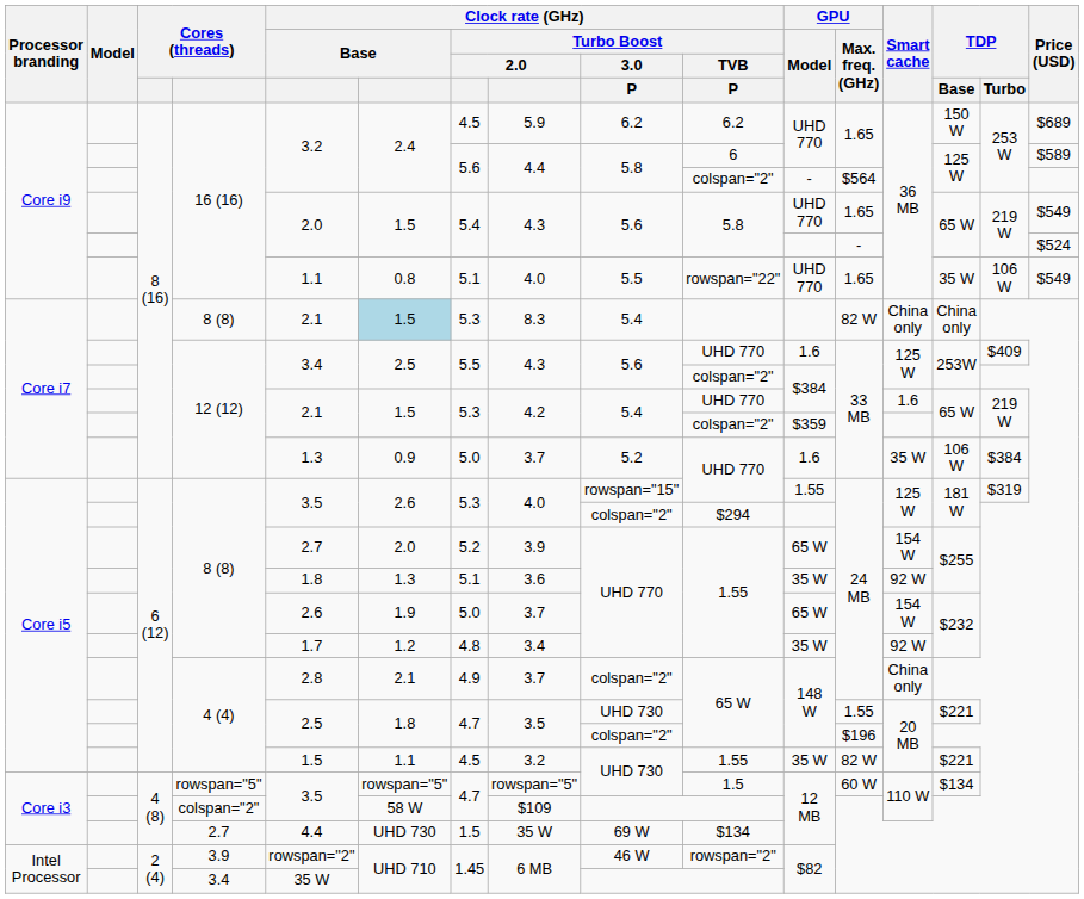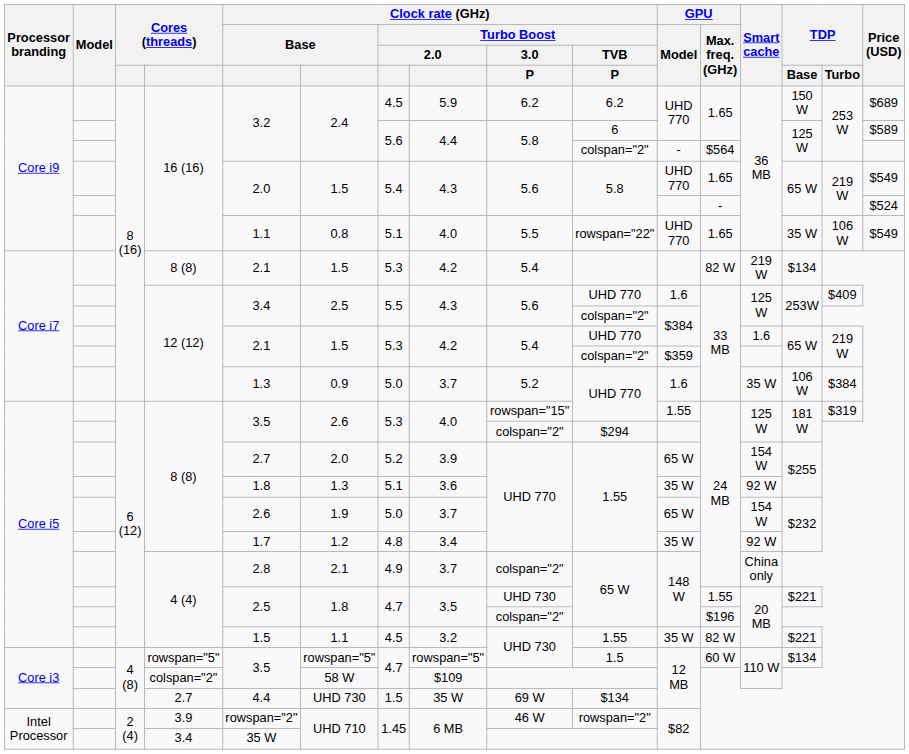 <table class="wikitable sortable sort-under" style="text-align:center;">
 <tr>
 <th rowspan="4">Processor<br>branding</th>
 <th rowspan="4">Model</th>
 <th colspan="2" rowspan="3"><a href='#'>Cores</a><br>(<a href='#'>threads</a>)</th>
 <th colspan="6"><a href='#'>Clock rate</a> (GHz)</th>
 <th colspan="2"><a href='#'>GPU</a></th>
 <th rowspan="4"><a href='#'>Smart<br>cache</a></th>
 <th colspan="2" rowspan="3"><a href='#'>TDP</a></th>
 <th rowspan="4">Price<br>(USD)</th>
 </tr>
 <tr>
 <th colspan="2" rowspan="2">Base</th>
 <th colspan="4"><a href='#'>Turbo Boost</a></th>
 <th rowspan="3">Model</th>
 <th rowspan="3">Max. freq.<br>(GHz)</th>
 </tr>
 <tr>
 <th colspan="2">2.0</th>
 <th>3.0</th>
 <th>TVB</th>
 </tr>
 <tr>
 <th></th>
 <th></th>
 <th></th>
 <th></th>
 <th></th>
 <th></th>
 <th>P</th>
 <th>P</th>
 <th>Base</th>
 <th>Turbo</th>
 </tr>
 <tr>
 <td rowspan="6"><a href='#'>Core i9</a></td>
 <td></td>
 <td rowspan="12">8 (16)</td>
 <td rowspan="6">16 (16)</td>
 <td rowspan="3">3.2</td>
 <td rowspan="3">2.4</td>
 <td>4.5</td>
 <td>5.9</td>
 <td>6.2</td>
 <td>6.2</td>
 <td rowspan="2">UHD 770</td>
 <td rowspan="2">1.65</td>
 <td rowspan="6">36 MB</td>
 <td>150 W</td>
 <td rowspan="3">253 W</td>
 <td>$689</td>
 </tr>
 <tr>
 <td></td>
 <td rowspan="2">5.6    </td>
 <td rowspan="2">4.4    </td>
 <td rowspan="2">5.8    </td>
 <td>6</td>
 <td rowspan="2">125 W</td>
 <td>$589</td>
 </tr>
 <tr>
 <td></td>
 <td>colspan="2" </td>
 <td>-</td>
 <td>$564</td>
 </tr>
 <tr>
 <td></td>
 <td rowspan="2">2.0</td>
 <td rowspan="2">1.5</td>
 <td rowspan="2">5.4</td>
 <td rowspan="2">4.3</td>
 <td rowspan="2">5.6</td>
 <td rowspan="2">5.8</td>
 <td>UHD 770</td>
 <td>1.65</td>
 <td rowspan="2">65 W</td>
 <td rowspan="2">219 W</td>
 <td>$549</td>
 </tr>
 <tr>
 <td></td>
 <td></td>
 <td ->-</td>
 <td>$524</td>
 </tr>
 <tr>
 <td></td>
 <td>1.1</td>
 <td>0.8</td>
 <td>5.1</td>
 <td>4.0</td>
 <td>5.5</td>
 <td>rowspan="22" </td>
 <td>UHD 770</td>
 <td>1.65</td>
 <td>35 W</td>
 <td>106 W</td>
 <td>$549</td>
 </tr>
 <tr>
 <td rowspan="6"><a href='#'>Core i7</a></td>
 <td></td>
 <td>8 (8)</td>
 <td>2.1</td>
-<td style="background: lightblue;">1.5</td>
+<td>1.5</td>
 <td>5.3</td>
-<td>8.3</td>
+<td>4.2</td>
 <td>5.4</td>
 <td></td>
 <td></td>
 <td>82 W</td>
-<td>China only</td>
-<td>China only</td>
+<td>219 W</td>
+<td>$134</td>
 </tr>
 <tr>
 <td></td>
 <td rowspan="5">12 (12)</td>
 <td rowspan="2">3.4</td>
 <td rowspan="2">2.5</td>
 <td rowspan="2">5.5</td>
 <td rowspan="2">4.3</td>
 <td rowspan="2">5.6</td>
 <td>UHD 770</td>
 <td>1.6</td>
 <td rowspan="5">33 MB</td>
 <td rowspan="2">125 W</td>
 <td rowspan="2">253W</td>
 <td>$409</td>
 </tr>
 <tr>
 <td></td>
 <td>colspan="2" </td>
 <td rowspan="2">$384</td>
 </tr>
 <tr>
 <td></td>
 <td rowspan="2">2.1</td>
 <td rowspan="2">1.5</td>
 <td rowspan="2">5.3</td>
 <td rowspan="2">4.2</td>
 <td rowspan="2">5.4</td>
 <td>UHD 770</td>
 <td>1.6</td>
 <td rowspan="2">65 W</td>
 <td rowspan="2">219 W</td>
 </tr>
 <tr>
 <td></td>
 <td>colspan="2" </td>
 <td>$359</td>
 </tr>
 <tr>
 <td></td>
 <td>1.3</td>
 <td>0.9</td>
 <td>5.0</td>
 <td>3.7</td>
 <td>5.2</td>
 <td rowspan="2">UHD 770</td>
 <td>1.6</td>
 <td>35 W</td>
 <td>106 W</td>
 <td>$384</td>
 </tr>
 <tr>
 <td rowspan="10"><a href='#'>Core i5</a></td>
 <td></td>
 <td rowspan="10">6 (12)</td>
 <td rowspan="6">8 (8)</td>
 <td rowspan="2">3.5</td>
 <td rowspan="2">2.6</td>
 <td rowspan="2">5.3</td>
 <td rowspan="2">4.0</td>
 <td>rowspan="15" </td>
 <td>1.55</td>
 <td rowspan="7">24 MB</td>
 <td rowspan="2">125 W</td>
 <td rowspan="2">181 W</td>
 <td>$319</td>
 </tr>
 <tr>
 <td></td>
 <td>colspan="2" </td>
 <td>$294</td>
 </tr>
 <tr>
 <td></td>
 <td>2.7</td>
 <td>2.0</td>
 <td>5.2</td>
 <td>3.9</td>
 <td rowspan="4">UHD 770</td>
 <td rowspan="4">1.55</td>
 <td>65 W</td>
 <td>154 W</td>
 <td rowspan="2">$255</td>
 </tr>
 <tr>
 <td></td>
 <td>1.8</td>
 <td>1.3</td>
 <td>5.1</td>
 <td>3.6</td>
 <td>35 W</td>
 <td>92 W</td>
 </tr>
 <tr>
 <td></td>
 <td>2.6</td>
 <td>1.9</td>
 <td>5.0</td>
 <td>3.7</td>
 <td>65 W</td>
 <td>154 W</td>
 <td rowspan="2">$232</td>
 </tr>
 <tr>
 <td></td>
 <td>1.7</td>
 <td>1.2</td>
 <td>4.8</td>
 <td>3.4</td>
 <td>35 W</td>
 <td>92 W</td>
 </tr>
 <tr>
 <td></td>
 <td rowspan="4">4 (4)</td>
 <td>2.8</td>
 <td>2.1</td>
 <td>4.9</td>
 <td>3.7</td>
 <td>colspan="2" </td>
 <td rowspan="3">65 W</td>
 <td rowspan="3">148 W</td>
 <td>China only</td>
 </tr>
 <tr>
 <td></td>
 <td rowspan="2">2.5</td>
 <td rowspan="2">1.8</td>
 <td rowspan="2">4.7</td>
 <td rowspan="2">3.5</td>
 <td>UHD 730</td>
 <td>1.55</td>
 <td rowspan="3">20 MB</td>
 <td>$221</td>
 </tr>
 <tr>
 <td></td>
 <td>colspan="2" </td>
 <td>$196</td>
 </tr>
 <tr>
 <td></td>
 <td>1.5</td>
 <td>1.1</td>
 <td>4.5</td>
 <td>3.2</td>
 <td rowspan="2">UHD 730</td>
 <td>1.55</td>
 <td>35 W</td>
 <td>82 W</td>
 <td>$221</td>
 </tr>
 <tr>
 <td rowspan="3"><a href='#'>Core i3</a></td>
 <td></td>
 <td rowspan="3">4 (8)</td>
 <td>rowspan="5" </td>
 <td rowspan="2">3.5</td>
 <td>rowspan="5" </td>
 <td rowspan="2">4.7</td>
 <td>rowspan="5" </td>
 <td>1.5</td>
 <td rowspan="3">12 MB</td>
 <td>60 W</td>
 <td rowspan="2">110 W</td>
 <td>$134</td>
 </tr>
 <tr>
 <td></td>
 <td>colspan="2" </td>
 <td>58 W</td>
 <td>$109</td>
 </tr>
 <tr>
 <td></td>
 <td>2.7</td>
 <td>4.4</td>
 <td>UHD 730</td>
 <td>1.5</td>
 <td>35 W</td>
 <td>69 W</td>
 <td>$134</td>
 </tr>
 <tr>
 <td rowspan="2">Intel<br>Processor</td>
 <td></td>
 <td rowspan="2">2 (4)</td>
 <td>3.9</td>
 <td>rowspan="2" </td>
 <td rowspan="2">UHD 710</td>
 <td rowspan="2">1.45</td>
 <td rowspan="2">6 MB</td>
 <td>46 W</td>
 <td>rowspan="2" </td>
 <td rowspan="2">$82</td>
 </tr>
 <tr>
 <td></td>
 <td>3.4</td>
 <td>35 W</td>
 </tr>
 </table>
